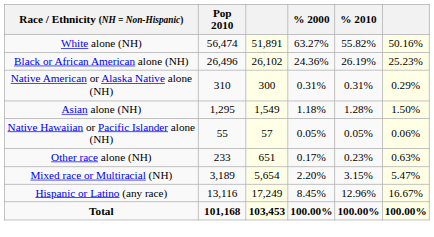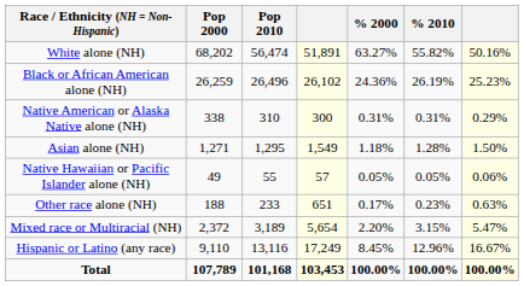 <table class="wikitable" style="text-align:center;">
 <tr>
 <th>Race / Ethnicity <small>(<em>NH = Non-Hispanic</em>)</small></th>
+<th>Pop 2000</th>
 <th>Pop 2010</th>
 <th></th>
 <th>% 2000</th>
 <th>% 2010</th>
 <th></th>
 </tr>
 <tr>
 <td><a href='#'>White</a> alone (NH)</td>
+<td>68,202</td>
 <td>56,474</td>
 <td style='background: #ffffe6;'>51,891</td>
 <td>63.27%</td>
 <td>55.82%</td>
 <td style='background: #ffffe6;'>50.16%</td>
 </tr>
 <tr>
 <td><a href='#'>Black or African American</a> alone (NH)</td>
+<td>26,259</td>
 <td>26,496</td>
 <td style='background: #ffffe6;'>26,102</td>
 <td>24.36%</td>
 <td>26.19%</td>
 <td style='background: #ffffe6;'>25.23%</td>
 </tr>
 <tr>
 <td><a href='#'>Native American</a> or <a href='#'>Alaska Native</a> alone (NH)</td>
+<td>338</td>
 <td>310</td>
 <td style='background: #ffffe6;'>300</td>
 <td>0.31%</td>
 <td>0.31%</td>
 <td style='background: #ffffe6;'>0.29%</td>
 </tr>
 <tr>
 <td><a href='#'>Asian</a> alone (NH)</td>
+<td>1,271</td>
 <td>1,295</td>
 <td style='background: #ffffe6;'>1,549</td>
 <td>1.18%</td>
 <td>1.28%</td>
 <td style='background: #ffffe6;'>1.50%</td>
 </tr>
 <tr>
 <td><a href='#'>Native Hawaiian</a> or <a href='#'>Pacific Islander</a> alone (NH)</td>
+<td>49</td>
 <td>55</td>
 <td style='background: #ffffe6;'>57</td>
 <td>0.05%</td>
 <td>0.05%</td>
 <td style='background: #ffffe6;'>0.06%</td>
 </tr>
 <tr>
 <td><a href='#'>Other race</a> alone (NH)</td>
+<td>188</td>
 <td>233</td>
 <td style='background: #ffffe6;'>651</td>
 <td>0.17%</td>
 <td>0.23%</td>
 <td style='background: #ffffe6;'>0.63%</td>
 </tr>
 <tr>
 <td><a href='#'>Mixed race or Multiracial</a> (NH)</td>
+<td>2,372</td>
 <td>3,189</td>
 <td style='background: #ffffe6;'>5,654</td>
 <td>2.20%</td>
 <td>3.15%</td>
 <td style='background: #ffffe6;'>5.47%</td>
 </tr>
 <tr>
 <td><a href='#'>Hispanic or Latino</a> (any race)</td>
+<td>9,110</td>
 <td>13,116</td>
 <td style='background: #ffffe6;'>17,249</td>
 <td>8.45%</td>
 <td>12.96%</td>
 <td style='background: #ffffe6;'>16.67%</td>
 </tr>
 <tr>
 <td><strong>Total</strong></td>
+<td><strong>107,789</strong></td>
 <td><strong>101,168</strong></td>
 <td style='background: #ffffe6;'><strong>103,453</strong></td>
 <td><strong>100.00%</strong></td>
 <td><strong>100.00%</strong></td>
 <td style='background: #ffffe6;'><strong>100.00%</strong></td>
 </tr>
 </table>
